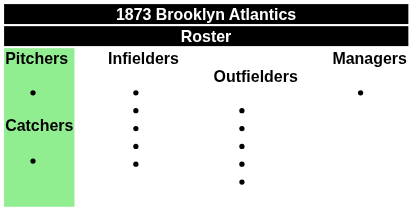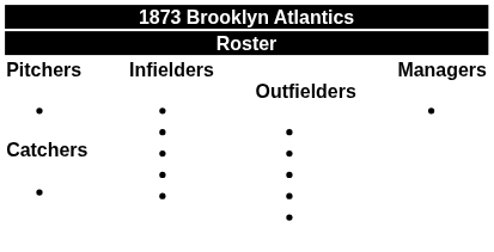 <table class="toccolours" style="font-size: 95%;">
 <tr>
 <th colspan="10" style="background-color: black; color:white; text-align: center;">1873 Brooklyn Atlantics</th>
 </tr>
 <tr>
 <td colspan="10" style="background-color:black; color: white; text-align: center;"><strong>Roster</strong></td>
 </tr>
 <tr>
-<td valign="top" style="background: lightgreen;"><strong>Pitchers</strong><br><ul><li></li></ul><strong>Catchers</strong><ul><li></li></ul></td>
+<td valign="top"><strong>Pitchers</strong><br><ul><li></li></ul><strong>Catchers</strong><ul><li></li></ul></td>
 <td width="25px"></td>
 <td valign="top"><strong>Infielders</strong><br><ul><li></li><li></li><li></li><li></li><li></li></ul></td>
 <td width="25px"></td>
 <td valign="top"><br><strong>Outfielders</strong><ul><li></li><li></li><li></li><li></li><li></li></ul></td>
 <td width="25px"></td>
 <td valign="top"><strong>Managers</strong><br><ul><li></li></ul></td>
 </tr>
 </table>
